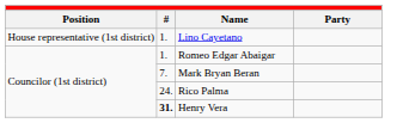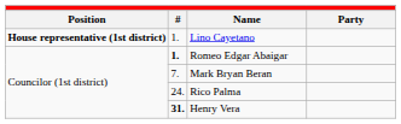 <table class="wikitable" style="font-size:90%">
 <tr>
 <td colspan="5" bgcolor="fe0003"></td>
 </tr>
 <tr>
 <th>Position</th>
 <th>#</th>
 <th width="150px">Name</th>
 <th colspan="2" width="110px">Party</th>
 </tr>
 <tr>
-<td>House representative (1st district)</td>
+<td><strong>House representative (1st district)</strong></td>
 <td>1.</td>
 <td><a href='#'>Lino Cayetano</a></td>
 <td></td>
 </tr>
 <tr>
 <td rowspan="4">Councilor (1st district)</td>
-<td>1.</td>
+<td><strong>1.</strong></td>
 <td>Romeo Edgar Abaigar</td>
 <td></td>
 </tr>
 <tr>
 <td>7.</td>
 <td>Mark Bryan Beran</td>
 <td></td>
 </tr>
 <tr>
 <td>24.</td>
 <td>Rico Palma</td>
 <td></td>
 </tr>
 <tr>
 <td><strong>31.</strong></td>
 <td>Henry Vera</td>
 <td></td>
 </tr>
 </table>
